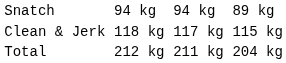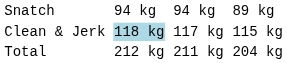 <table>
 <tr>
 <td>Snatch</td>
 <td></td>
 <td>94 kg</td>
 <td></td>
 <td>94 kg</td>
 <td></td>
 <td>89 kg</td>
 </tr>
 <tr>
 <td>Clean & Jerk</td>
 <td></td>
-<td>118 kg</td>
+<td style="background: lightblue;">118 kg</td>
 <td></td>
 <td>117 kg</td>
 <td></td>
 <td>115 kg</td>
 </tr>
 <tr>
 <td>Total</td>
 <td></td>
 <td>212 kg</td>
 <td></td>
 <td>211 kg</td>
 <td></td>
 <td>204 kg</td>
 </tr>
 </table>
